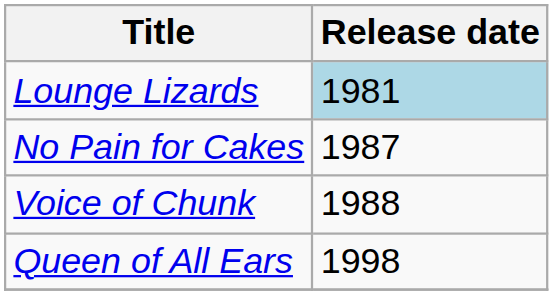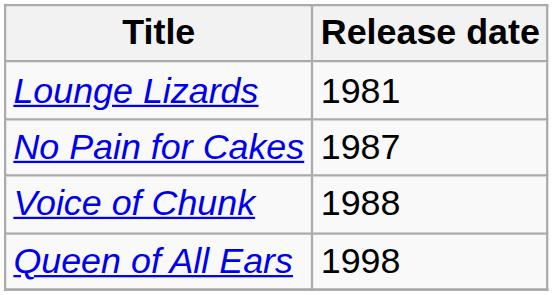 <table class="wikitable">
 <tr>
 <th>Title</th>
 <th>Release date</th>
 </tr>
 <tr>
 <td><em><a href='#'>Lounge Lizards</a></em></td>
-<td style="background: lightblue;">1981</td>
+<td>1981</td>
 </tr>
 <tr>
 <td><em><a href='#'>No Pain for Cakes</a></em></td>
 <td>1987</td>
 </tr>
 <tr>
 <td><em><a href='#'>Voice of Chunk</a></em></td>
 <td>1988</td>
 </tr>
 <tr>
 <td><em><a href='#'>Queen of All Ears</a></em></td>
 <td>1998</td>
 </tr>
 <tr>
 </tr>
 </table>
